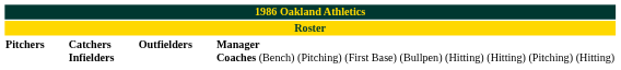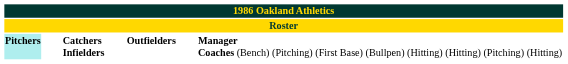 <table class="toccolours" style="font-size: 95%;">
 <tr>
 <th colspan="10" style="background:#003831; color:#ffd800; text-align:center;">1986 Oakland Athletics</th>
 </tr>
 <tr>
 <td colspan="7" style="background:#ffd800; color:#003831; text-align:center;"><strong>Roster</strong></td>
 </tr>
 <tr>
-<td valign="top"><strong>Pitchers</strong><br>                    </td>
+<td valign="top" style="background: paleturquoise;"><strong>Pitchers</strong><br>                    </td>
 <td style="width:25px;"></td>
 <td valign="top"><strong>Catchers</strong><br>    <strong>Infielders</strong>           </td>
 <td style="width:25px;"></td>
 <td valign="top"><strong>Outfielders</strong><br>       </td>
 <td style="width:25px;"></td>
 <td valign="top"><strong>Manager</strong><br>   <strong>Coaches</strong>  (Bench)  (Pitching)  (First Base)  (Bullpen)  (Hitting)  (Hitting)  (Pitching)  (Hitting)</td>
 </tr>
 </table>
